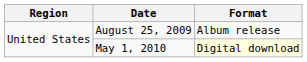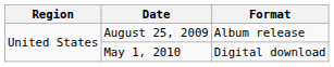 <table class="wikitable">
 <tr>
 <th>Region</th>
 <th>Date</th>
 <th>Format</th>
 </tr>
 <tr>
 <td rowspan="2">United States</td>
 <td>August 25, 2009</td>
 <td>Album release</td>
 </tr>
 <tr>
 <td>May 1, 2010</td>
-<td style="background: lightyellow;">Digital download</td>
+<td>Digital download</td>
 </tr>
 </table>
